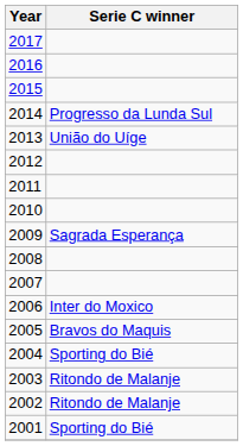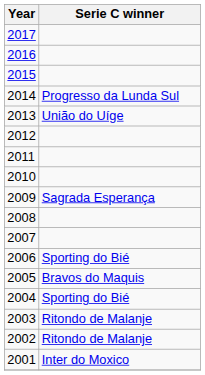 <table class="wikitable">
 <tr>
 <th width=25>Year</th>
 <th width=195>Serie C winner</th>
 </tr>
 <tr>
 <td><a href='#'>2017</a></td>
 <td></td>
 </tr>
 <tr>
 <td><a href='#'>2016</a></td>
 <td></td>
 </tr>
 <tr>
 <td><a href='#'>2015</a></td>
 <td></td>
 </tr>
 <tr>
 <td>2014</td>
 <td><a href='#'>Progresso da Lunda Sul</a></td>
 </tr>
 <tr>
 <td>2013</td>
 <td><a href='#'>União do Uíge</a></td>
 </tr>
 <tr>
 <td>2012</td>
 <td></td>
 </tr>
 <tr>
 <td>2011</td>
 <td></td>
 </tr>
 <tr>
 <td>2010</td>
 <td></td>
 </tr>
 <tr>
 <td>2009</td>
 <td><a href='#'>Sagrada Esperança</a></td>
 </tr>
 <tr>
 <td>2008</td>
 <td></td>
 </tr>
 <tr>
 <td>2007</td>
 <td></td>
 </tr>
 <tr>
 <td>2006</td>
-<td><a href='#'>Inter do Moxico</a></td>
+<td><a href='#'>Sporting do Bié</a></td>
 </tr>
 <tr>
 <td>2005</td>
 <td><a href='#'>Bravos do Maquis</a></td>
 </tr>
 <tr>
 <td>2004</td>
 <td><a href='#'>Sporting do Bié</a></td>
 </tr>
 <tr>
 <td>2003</td>
 <td><a href='#'>Ritondo de Malanje</a></td>
 </tr>
 <tr>
 <td>2002</td>
 <td><a href='#'>Ritondo de Malanje</a></td>
 </tr>
 <tr>
 <td>2001</td>
-<td><a href='#'>Sporting do Bié</a></td>
+<td><a href='#'>Inter do Moxico</a></td>
 </tr>
 <tr>
 </tr>
 </table>
